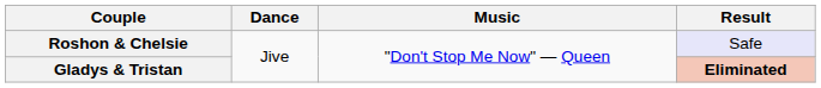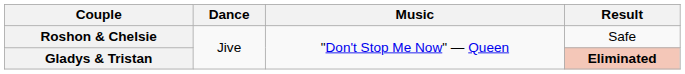 <table class="wikitable unsortable" style="text-align:center; width:90%">
 <tr>
 <th scope="col">Couple</th>
 <th scope="col">Dance</th>
 <th scope="col">Music</th>
 <th scope="col">Result</th>
 </tr>
 <tr>
 <th scope="row">Roshon & Chelsie</th>
 <td rowspan=2>Jive</td>
 <td rowspan=2>"<a href='#'>Don't Stop Me Now</a>" — <a href='#'>Queen</a></td>
-<td style="background: lavender;">Safe</td>
+<td>Safe</td>
 </tr>
 <tr>
 <th scope="row">Gladys & Tristan</th>
 <td bgcolor=f4c7b8><strong>Eliminated</strong></td>
 </tr>
 </table>
